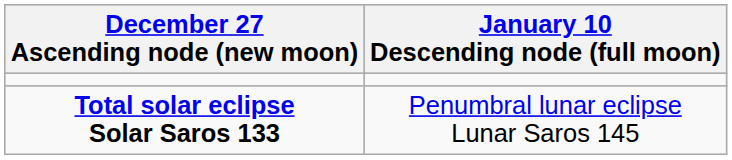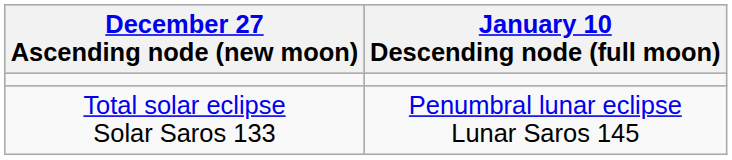 <table class="wikitable">
 <tr>
 <th><a href='#'>December 27</a><br>Ascending node (new moon)<br></th>
 <th><a href='#'>January 10</a><br>Descending node (full moon)<br></th>
 </tr>
 <tr>
 <td></td>
 <td></td>
 </tr>
 <tr align=center>
-<td><strong><a href='#'>Total solar eclipse</a><br>Solar Saros 133</strong></td>
+<td><a href='#'>Total solar eclipse</a><br>Solar Saros 133</td>
 <td><a href='#'>Penumbral lunar eclipse</a><br>Lunar Saros 145</td>
 </tr>
 </table>
